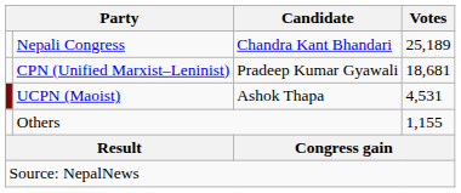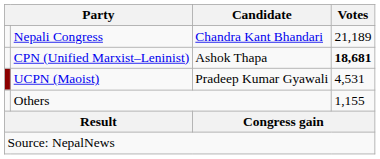 <table class="wikitable">
 <tr>
 <th colspan="2">Party</th>
 <th>Candidate</th>
 <th>Votes</th>
 </tr>
 <tr>
 <td style="background-color:"></td>
 <td><a href='#'>Nepali Congress</a></td>
 <td><a href='#'>Chandra Kant Bhandari</a></td>
-<td>25,189</td>
+<td>21,189</td>
 </tr>
 <tr>
 <td style="background-color:"></td>
 <td><a href='#'>CPN (Unified Marxist–Leninist)</a></td>
-<td>Pradeep Kumar Gyawali</td>
-<td>18,681</td>
+<td>Ashok Thapa</td>
+<td><strong>18,681</strong></td>
 </tr>
 <tr>
 <td style="background-color:darkred"></td>
 <td><a href='#'>UCPN (Maoist)</a></td>
-<td>Ashok Thapa</td>
+<td>Pradeep Kumar Gyawali</td>
 <td>4,531</td>
 </tr>
 <tr>
 <td></td>
 <td colspan="2">Others</td>
 <td>1,155</td>
 </tr>
 <tr>
 <th colspan="2">Result</th>
 <th colspan="2">Congress gain</th>
 </tr>
 <tr>
 <td colspan="4">Source: NepalNews</td>
 </tr>
 </table>
